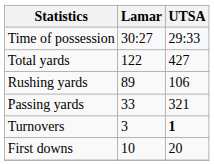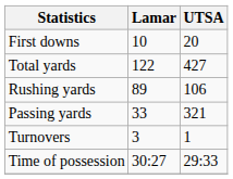 <table class="wikitable" style="float: left;">
 <tr>
 <th>Statistics</th>
 <th><strong>Lamar</strong></th>
 <th><strong>UTSA</strong></th>
 </tr>
 <tr>
-<td>Time of possession</td>
-<td>30:27</td>
-<td>29:33</td>
+<td>First downs</td>
+<td>10</td>
+<td>20</td>
 </tr>
 <tr>
 <td>Total yards</td>
 <td>122</td>
 <td>427</td>
 </tr>
 <tr>
 <td>Rushing yards</td>
 <td>89</td>
 <td>106</td>
 </tr>
 <tr>
 <td>Passing yards</td>
 <td>33</td>
 <td>321</td>
 </tr>
 <tr>
 <td>Turnovers</td>
 <td>3</td>
-<td><strong>1</strong></td>
+<td>1</td>
 </tr>
 <tr>
-<td>First downs</td>
-<td>10</td>
-<td>20</td>
+<td>Time of possession</td>
+<td>30:27</td>
+<td>29:33</td>
 </tr>
 <tr>
 </tr>
 </table>
